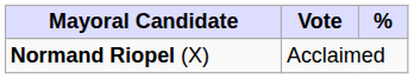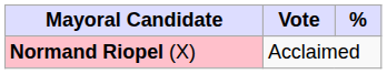 <table class="wikitable">
 <tr>
 <th style="background:#ddf; width:200px;">Mayoral Candidate</th>
 <th style="background:#ddf; width:50px;">Vote</th>
 <th style="background:#ddf; width:30px;">%</th>
 </tr>
 <tr>
-<td><strong>Normand Riopel</strong> (X)</td>
+<td style="background: pink;"><strong>Normand Riopel</strong> (X)</td>
 <td colspan="2">Acclaimed</td>
 </tr>
 </table>
